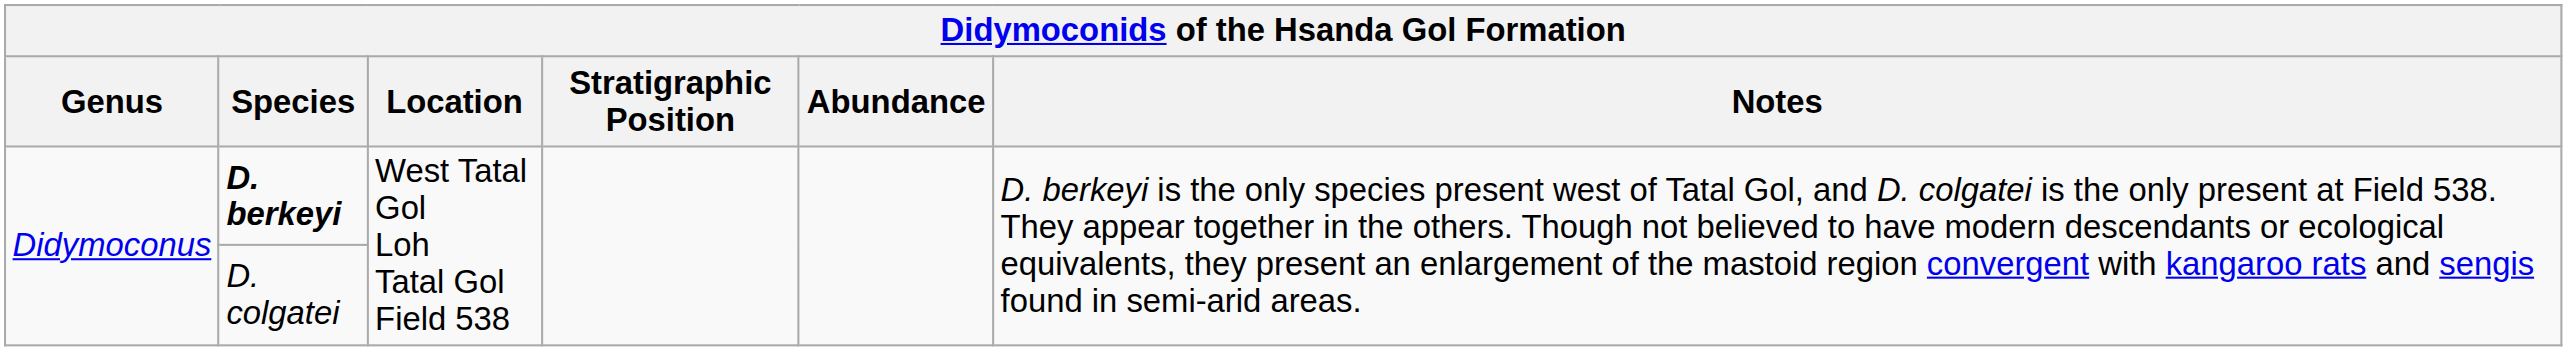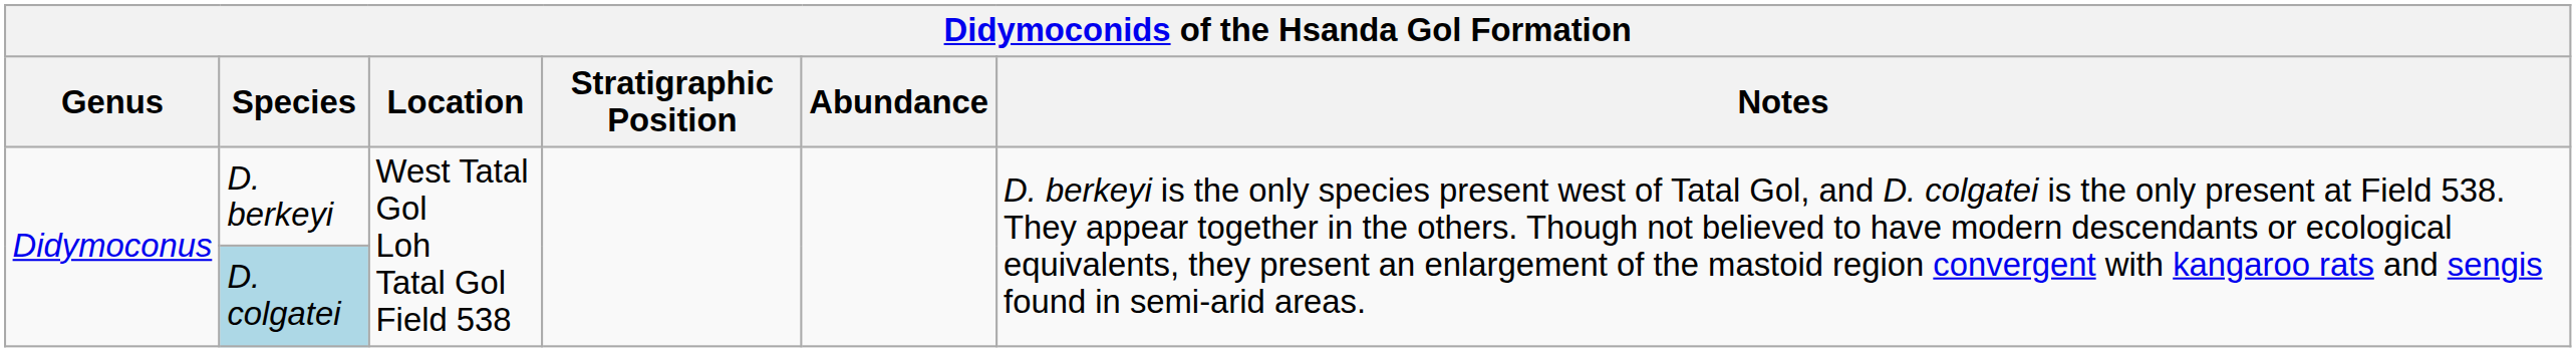 <table class="wikitable">
 <tr>
 <th colspan="6" align="center"><strong><a href='#'>Didymoconids</a> of the Hsanda Gol Formation</strong></th>
 </tr>
 <tr>
 <th>Genus</th>
 <th>Species</th>
 <th>Location</th>
 <th>Stratigraphic Position</th>
 <th>Abundance</th>
 <th>Notes</th>
 </tr>
 <tr>
 <td rowspan = "2"><em><a href='#'>Didymoconus</a></em></td>
-<td><strong><em>D. berkeyi</em></strong></td>
+<td><em>D. berkeyi</em></td>
 <td rowspan = "2">West Tatal Gol<br>Loh<br>Tatal Gol<br>Field 538</td>
 <td rowspan = "2"></td>
 <td rowspan = "2"></td>
 <td rowspan = "2"><em>D. berkeyi</em> is the only species present west of Tatal Gol, and <em>D. colgatei</em> is the only present at Field 538. They appear together in the others. Though not believed to have modern descendants or ecological equivalents, they present an enlargement of the mastoid region <a href='#'>convergent</a> with <a href='#'>kangaroo rats</a> and <a href='#'>sengis</a> found in semi-arid areas.</td>
 </tr>
 <tr>
-<td><em>D. colgatei</em></td>
+<td style="background: lightblue;"><em>D. colgatei</em></td>
 </tr>
 </table>
